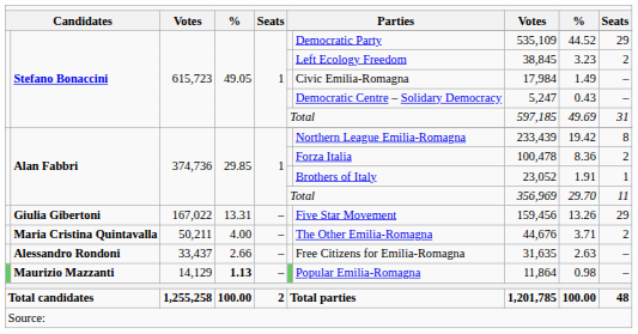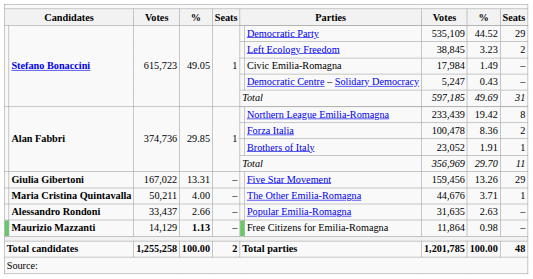 <table class="wikitable">
 <tr>
 <td colspan=10></td>
 </tr>
 <tr>
 <th colspan=2>Candidates</th>
 <th>Votes</th>
 <th>%</th>
 <th>Seats</th>
 <th colspan=2>Parties</th>
 <th>Votes</th>
 <th>%</th>
 <th>Seats</th>
 </tr>
 <tr>
 <td rowspan=6></td>
 <td rowspan=6><strong><a href='#'>Stefano Bonaccini</a></strong></td>
 <td rowspan=6 align=right>615,723</td>
 <td rowspan=6 align=right>49.05</td>
 <td rowspan=6 align=right>1</td>
 </tr>
 <tr>
 <td></td>
 <td><a href='#'>Democratic Party</a></td>
 <td align=right>535,109</td>
 <td align=right>44.52</td>
 <td align=right>29</td>
 </tr>
 <tr>
 <td></td>
 <td><a href='#'>Left Ecology Freedom</a></td>
 <td align=right>38,845</td>
 <td align=right>3.23</td>
 <td align=right>2</td>
 </tr>
 <tr>
 <td></td>
 <td>Civic Emilia-Romagna</td>
 <td align=right>17,984</td>
 <td align=right>1.49</td>
 <td align=right>–</td>
 </tr>
 <tr>
 <td></td>
 <td><a href='#'>Democratic Centre</a> – <a href='#'>Solidary Democracy</a></td>
 <td align=right>5,247</td>
 <td align=right>0.43</td>
 <td align=right>–</td>
 </tr>
 <tr>
 <td colspan=2><em>Total</em></td>
 <td align=right><em>597,185</em></td>
 <td align=right><em>49.69</em></td>
 <td align=right><em>31</em></td>
 </tr>
 <tr>
 <td rowspan=5></td>
 <td rowspan=5><strong>Alan Fabbri</strong></td>
 <td rowspan=5 align=right>374,736</td>
 <td rowspan=5 align=right>29.85</td>
 <td rowspan=5 align=right>1</td>
 </tr>
 <tr>
 <td></td>
 <td><a href='#'>Northern League Emilia-Romagna</a></td>
 <td align=right>233,439</td>
 <td align=right>19.42</td>
 <td align=right>8</td>
 </tr>
 <tr>
 <td></td>
 <td><a href='#'>Forza Italia</a></td>
 <td align=right>100,478</td>
 <td align=right>8.36</td>
 <td align=right>2</td>
 </tr>
 <tr>
 <td></td>
 <td><a href='#'>Brothers of Italy</a></td>
 <td align=right>23,052</td>
 <td align=right>1.91</td>
 <td align=right>1</td>
 </tr>
 <tr>
 <td colspan=2><em>Total</em></td>
 <td align=right><em>356,969</em></td>
 <td align=right><em>29.70</em></td>
 <td align=right><em>11</em></td>
 </tr>
 <tr>
 <td></td>
 <td><strong>Giulia Gibertoni</strong></td>
 <td align=right>167,022</td>
 <td align=right>13.31</td>
 <td align=right>–</td>
 <td></td>
 <td><a href='#'>Five Star Movement</a></td>
 <td align=right>159,456</td>
 <td align=right>13.26</td>
 <td align=right>29</td>
 </tr>
 <tr>
 <td></td>
 <td><strong>Maria Cristina Quintavalla</strong></td>
 <td align=right>50,211</td>
 <td align=right>4.00</td>
 <td align=right>–</td>
 <td></td>
 <td><a href='#'>The Other Emilia-Romagna</a></td>
 <td align=right>44,676</td>
 <td align=right>3.71</td>
-<td align=right>2</td>
+<td align=right>1</td>
 </tr>
 <tr>
 <td></td>
 <td><strong>Alessandro Rondoni</strong></td>
 <td align=right>33,437</td>
 <td align=right>2.66</td>
 <td align=right>–</td>
 <td></td>
-<td>Free Citizens for Emilia-Romagna</td>
+<td><a href='#'>Popular Emilia-Romagna</a></td>
 <td align=right>31,635</td>
 <td align=right>2.63</td>
 <td align=right>–</td>
 </tr>
 <tr>
 <td bgcolor="#67C866"></td>
 <td><strong>Maurizio Mazzanti</strong></td>
 <td align=right>14,129</td>
 <td align=right><strong>1.13</strong></td>
 <td align=right>–</td>
 <td bgcolor="#67C866"></td>
-<td><a href='#'>Popular Emilia-Romagna</a></td>
+<td>Free Citizens for Emilia-Romagna</td>
 <td align=right>11,864</td>
 <td align=right>0.98</td>
 <td align=right>–</td>
 </tr>
 <tr>
 <th colspan=10></th>
 </tr>
 <tr>
 <td colspan=2><strong>Total candidates</strong></td>
 <td align=right><strong>1,255,258</strong></td>
 <td align=right><strong>100.00</strong></td>
 <td align=right><strong>2</strong></td>
 <td colspan=2><strong>Total parties</strong></td>
 <td align=right><strong>1,201,785</strong></td>
 <td align=right><strong>100.00</strong></td>
 <td align=right><strong>48</strong></td>
 </tr>
 <tr>
 <td colspan=10>Source: </td>
 </tr>
 </table>
